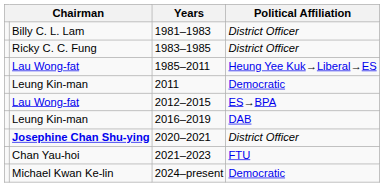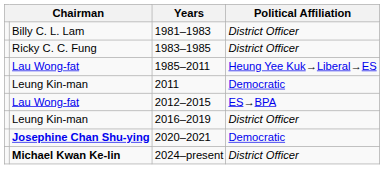 <table class="wikitable">
 <tr>
 <th colspan=2>Chairman</th>
 <th>Years</th>
 <th>Political Affiliation</th>
 </tr>
 <tr>
 <td style="color:inherit;background:"></td>
 <td>Billy C. L. Lam</td>
 <td>1981–1983</td>
 <td><em>District Officer</em></td>
 </tr>
 <tr>
 <td style="color:inherit;background:"></td>
 <td>Ricky C. C. Fung</td>
 <td>1983–1985</td>
 <td><em>District Officer</em></td>
 </tr>
 <tr>
 <td style="color:inherit;background:"></td>
 <td><a href='#'>Lau Wong-fat</a></td>
 <td>1985–2011</td>
 <td><a href='#'>Heung Yee Kuk</a>→<a href='#'>Liberal</a>→<a href='#'>ES</a></td>
 </tr>
 <tr>
 <td style="color:inherit;background:"></td>
 <td>Leung Kin-man</td>
 <td>2011</td>
 <td><a href='#'>Democratic</a></td>
 </tr>
 <tr>
 <td style="color:inherit;background:"></td>
 <td><a href='#'>Lau Wong-fat</a></td>
 <td>2012–2015</td>
 <td><a href='#'>ES</a>→<a href='#'>BPA</a></td>
 </tr>
 <tr>
 <td style="color:inherit;background:"></td>
 <td>Leung Kin-man</td>
 <td>2016–2019</td>
-<td><a href='#'>DAB</a></td>
+<td><em>District Officer</em></td>
 </tr>
 <tr>
 <td style="color:inherit;background:"></td>
 <td><strong><a href='#'>Josephine Chan Shu-ying</a></strong></td>
 <td>2020–2021</td>
-<td><em>District Officer</em></td>
+<td><a href='#'>Democratic</a></td>
 </tr>
 <tr>
 <td style="color:inherit;background:"></td>
-<td>Chan Yau-hoi</td>
-<td>2021–2023</td>
-<td><a href='#'>FTU</a></td>
-</tr>
-<tr>
-<td style="color:inherit;background:"></td>
-<td>Michael Kwan Ke-lin</td>
+<td><strong>Michael Kwan Ke-lin</strong></td>
 <td>2024–present</td>
-<td><a href='#'>Democratic</a></td>
+<td><em>District Officer</em></td>
 </tr>
 </table>
